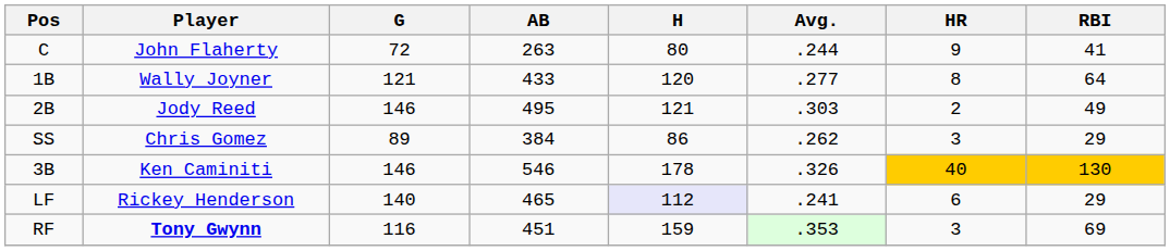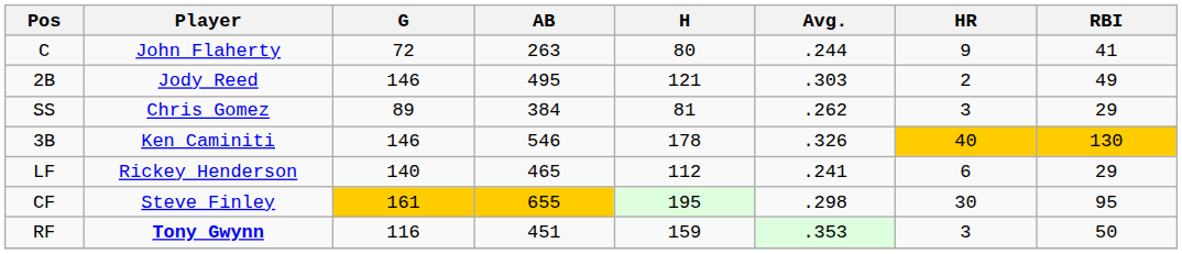 <table class="wikitable sortable">
 <tr>
 <th width="5%">Pos</th>
 <th width="16%">Player</th>
 <th width="9%">G</th>
 <th width="9%">AB</th>
 <th width="9%">H</th>
 <th width="9%">Avg.</th>
 <th width="9%">HR</th>
 <th width="9%">RBI</th>
 </tr>
 <tr align=center>
 <td>C</td>
 <td><a href='#'>John Flaherty</a></td>
 <td>72</td>
 <td>263</td>
 <td>80</td>
 <td>.244</td>
 <td>9</td>
 <td>41</td>
 </tr>
 <tr align=center>
-<td>1B</td>
-<td><a href='#'>Wally Joyner</a></td>
-<td>121</td>
-<td>433</td>
-<td>120</td>
-<td>.277</td>
-<td>8</td>
-<td>64</td>
-</tr>
-<tr align=center>
 <td>2B</td>
 <td><a href='#'>Jody Reed</a></td>
 <td>146</td>
 <td>495</td>
 <td>121</td>
 <td>.303</td>
 <td>2</td>
 <td>49</td>
 </tr>
 <tr align=center>
 <td>SS</td>
 <td><a href='#'>Chris Gomez</a></td>
 <td>89</td>
 <td>384</td>
-<td>86</td>
+<td>81</td>
 <td>.262</td>
 <td>3</td>
 <td>29</td>
 </tr>
 <tr align=center>
 <td>3B</td>
 <td><a href='#'>Ken Caminiti</a></td>
 <td>146</td>
 <td>546</td>
 <td>178</td>
 <td>.326</td>
 <td style="background:#fc0;">40</td>
 <td style="background:#fc0;">130</td>
 </tr>
 <tr align=center>
 <td>LF</td>
 <td><a href='#'>Rickey Henderson</a></td>
 <td>140</td>
 <td>465</td>
-<td style="background: lavender;">112</td>
+<td>112</td>
 <td>.241</td>
 <td>6</td>
 <td>29</td>
+</tr>
+<tr align=center>
+<td>CF</td>
+<td><a href='#'>Steve Finley</a></td>
+<td style="background:#fc0;">161</td>
+<td style="background:#fc0;">655</td>
+<td style="background:#DDFFDD;">195</td>
+<td>.298</td>
+<td>30</td>
+<td>95</td>
 </tr>
 <tr align=center>
 <td>RF</td>
 <td><strong><a href='#'>Tony Gwynn</a></strong></td>
 <td>116</td>
 <td>451</td>
 <td>159</td>
 <td style="background:#DDFFDD;">.353</td>
 <td>3</td>
-<td>69</td>
+<td>50</td>
 </tr>
 <tr align="center">
 </tr>
 </table>
